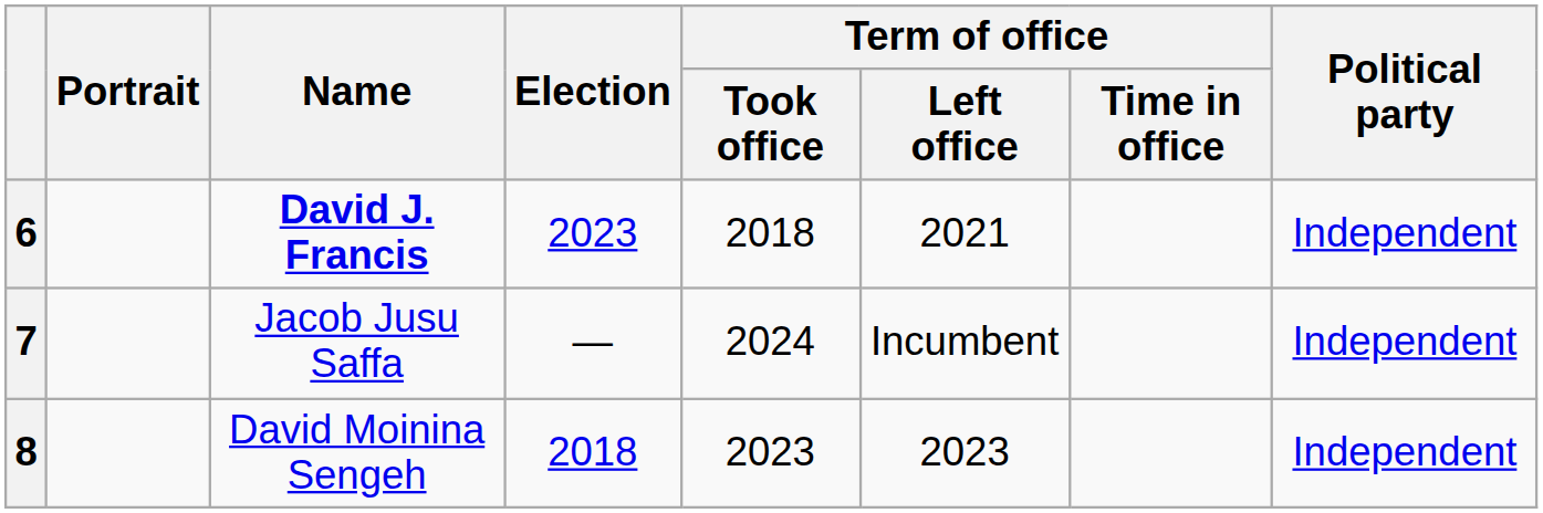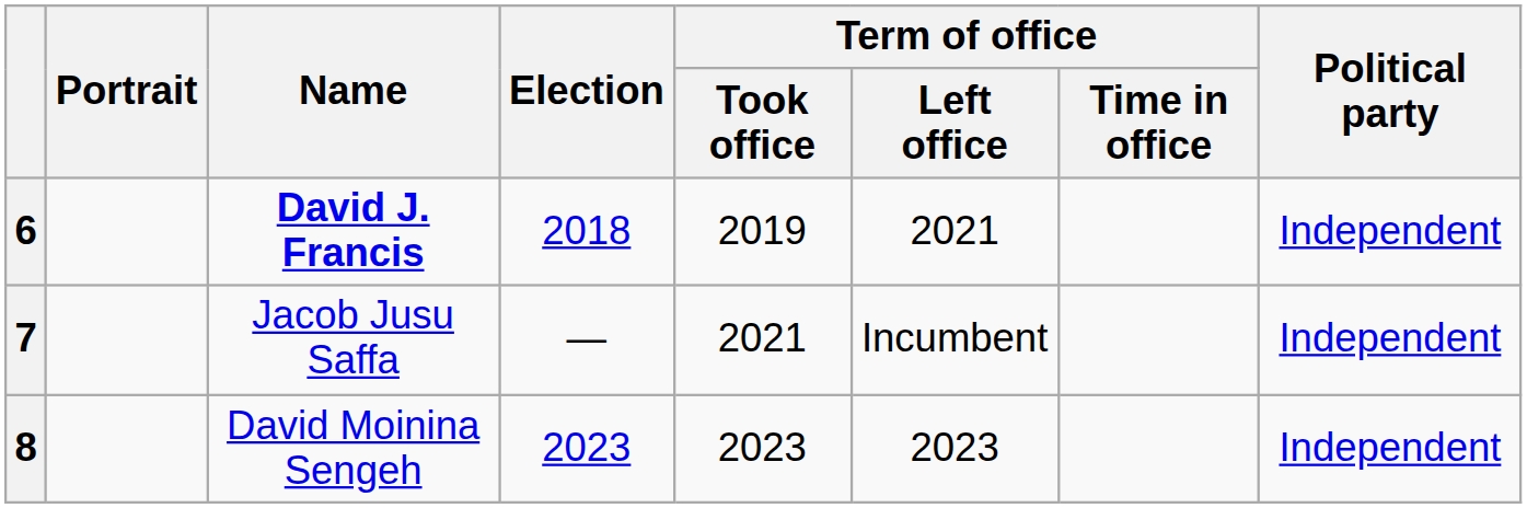 <table class="wikitable" style="text-align:center">
 <tr>
 <th rowspan="2"></th>
 <th rowspan="2">Portrait</th>
 <th rowspan="2">Name<br></th>
 <th rowspan="2">Election</th>
 <th colspan="3">Term of office</th>
 <th rowspan="2">Political party</th>
 </tr>
 <tr>
 <th>Took office</th>
 <th>Left office</th>
 <th>Time in office</th>
 </tr>
 <tr>
 <th style="background:">6</th>
 <td></td>
 <td><strong><a href='#'>David J. Francis</a><br></strong></td>
-<td><a href='#'>2023</a></td>
-<td> 2018</td>
+<td><a href='#'>2018</a></td>
+<td> 2019</td>
 <td> 2021</td>
 <td></td>
 <td><a href='#'>Independent</a></td>
 </tr>
 <tr>
 <th style="background:">7</th>
 <td></td>
 <td><a href='#'>Jacob Jusu Saffa</a><br></td>
 <td>—</td>
-<td> 2024</td>
+<td> 2021</td>
 <td>Incumbent</td>
 <td></td>
 <td><a href='#'>Independent</a></td>
 </tr>
 <tr>
 <th style="background:">8</th>
 <td></td>
 <td><a href='#'>David Moinina Sengeh</a><br></td>
-<td><a href='#'>2018</a></td>
+<td><a href='#'>2023</a></td>
 <td> 2023</td>
 <td> 2023</td>
 <td></td>
 <td><a href='#'>Independent</a></td>
 </tr>
 </table>
